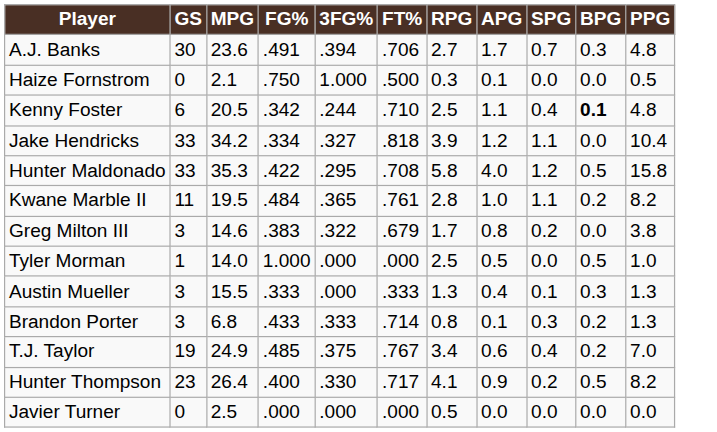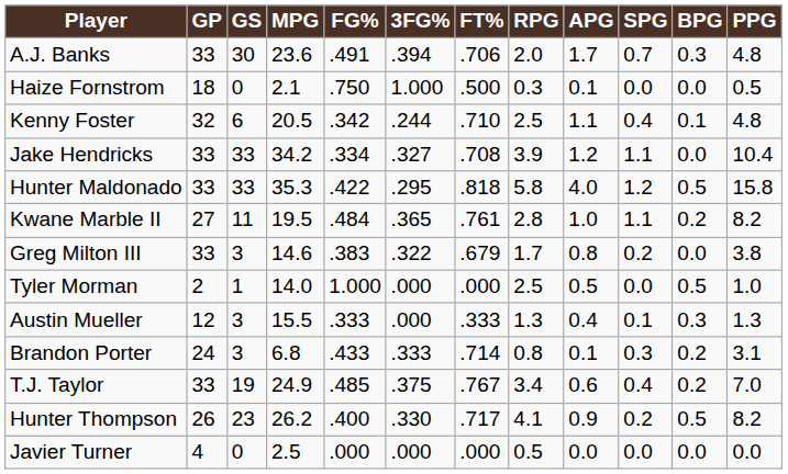 <table class="wikitable sortable">
 <tr>
 <th style="background:#492f24; color:white">Player</th>
+<th style="background:#492f24; color:white">GP</th>
 <th style="background:#492f24; color:white">GS</th>
 <th style="background:#492f24; color:white">MPG</th>
 <th style="background:#492f24; color:white">FG%</th>
 <th style="background:#492f24; color:white">3FG%</th>
 <th style="background:#492f24; color:white">FT%</th>
 <th style="background:#492f24; color:white;">RPG</th>
 <th style="background:#492f24; color:white;">APG</th>
 <th style="background:#492f24; color:white;">SPG</th>
 <th style="background:#492f24; color:white;">BPG</th>
 <th style="background:#492f24; color:white;">PPG</th>
 </tr>
 <tr>
 <td>A.J. Banks</td>
+<td>33</td>
 <td>30</td>
 <td>23.6</td>
 <td>.491</td>
 <td>.394</td>
 <td>.706</td>
-<td>2.7</td>
+<td>2.0</td>
 <td>1.7</td>
 <td>0.7</td>
 <td>0.3</td>
 <td>4.8</td>
 </tr>
 <tr>
 <td>Haize Fornstrom</td>
+<td>18</td>
 <td>0</td>
 <td>2.1</td>
 <td>.750</td>
 <td>1.000</td>
 <td>.500</td>
 <td>0.3</td>
 <td>0.1</td>
 <td>0.0</td>
 <td>0.0</td>
 <td>0.5</td>
 </tr>
 <tr>
 <td>Kenny Foster</td>
+<td>32</td>
 <td>6</td>
 <td>20.5</td>
 <td>.342</td>
 <td>.244</td>
 <td>.710</td>
 <td>2.5</td>
 <td>1.1</td>
 <td>0.4</td>
-<td><strong>0.1</strong></td>
+<td>0.1</td>
 <td>4.8</td>
 </tr>
 <tr>
 <td>Jake Hendricks</td>
 <td>33</td>
+<td>33</td>
 <td>34.2</td>
 <td>.334</td>
 <td>.327</td>
-<td>.818</td>
+<td>.708</td>
 <td>3.9</td>
 <td>1.2</td>
 <td>1.1</td>
 <td>0.0</td>
 <td>10.4</td>
 </tr>
 <tr>
 <td>Hunter Maldonado</td>
 <td>33</td>
+<td>33</td>
 <td>35.3</td>
 <td>.422</td>
 <td>.295</td>
-<td>.708</td>
+<td>.818</td>
 <td>5.8</td>
 <td>4.0</td>
 <td>1.2</td>
 <td>0.5</td>
 <td>15.8</td>
 </tr>
 <tr>
 <td>Kwane Marble II</td>
+<td>27</td>
 <td>11</td>
 <td>19.5</td>
 <td>.484</td>
 <td>.365</td>
 <td>.761</td>
 <td>2.8</td>
 <td>1.0</td>
 <td>1.1</td>
 <td>0.2</td>
 <td>8.2</td>
 </tr>
 <tr>
 <td>Greg Milton III</td>
+<td>33</td>
 <td>3</td>
 <td>14.6</td>
 <td>.383</td>
 <td>.322</td>
 <td>.679</td>
 <td>1.7</td>
 <td>0.8</td>
 <td>0.2</td>
 <td>0.0</td>
 <td>3.8</td>
 </tr>
 <tr>
 <td>Tyler Morman</td>
+<td>2</td>
 <td>1</td>
 <td>14.0</td>
 <td>1.000</td>
 <td>.000</td>
 <td>.000</td>
 <td>2.5</td>
 <td>0.5</td>
 <td>0.0</td>
 <td>0.5</td>
 <td>1.0</td>
 </tr>
 <tr>
 <td>Austin Mueller</td>
+<td>12</td>
 <td>3</td>
 <td>15.5</td>
 <td>.333</td>
 <td>.000</td>
 <td>.333</td>
 <td>1.3</td>
 <td>0.4</td>
 <td>0.1</td>
 <td>0.3</td>
 <td>1.3</td>
 </tr>
 <tr>
 <td>Brandon Porter</td>
+<td>24</td>
 <td>3</td>
 <td>6.8</td>
 <td>.433</td>
 <td>.333</td>
 <td>.714</td>
 <td>0.8</td>
 <td>0.1</td>
 <td>0.3</td>
 <td>0.2</td>
-<td>1.3</td>
+<td>3.1</td>
 </tr>
 <tr>
 <td>T.J. Taylor</td>
+<td>33</td>
 <td>19</td>
 <td>24.9</td>
 <td>.485</td>
 <td>.375</td>
 <td>.767</td>
 <td>3.4</td>
 <td>0.6</td>
 <td>0.4</td>
 <td>0.2</td>
 <td>7.0</td>
 </tr>
 <tr>
 <td>Hunter Thompson</td>
+<td>26</td>
 <td>23</td>
-<td>26.4</td>
+<td>26.2</td>
 <td>.400</td>
 <td>.330</td>
 <td>.717</td>
 <td>4.1</td>
 <td>0.9</td>
 <td>0.2</td>
 <td>0.5</td>
 <td>8.2</td>
 </tr>
 <tr>
 <td>Javier Turner</td>
+<td>4</td>
 <td>0</td>
 <td>2.5</td>
 <td>.000</td>
 <td>.000</td>
 <td>.000</td>
 <td>0.5</td>
 <td>0.0</td>
 <td>0.0</td>
 <td>0.0</td>
 <td>0.0</td>
 </tr>
 </table>
